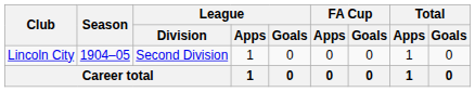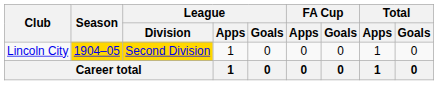 <table class="wikitable" style="text-align: center;">
 <tr>
 <th rowspan="2">Club</th>
 <th rowspan="2">Season</th>
 <th colspan="3">League</th>
 <th colspan="2">FA Cup</th>
 <th colspan="2">Total</th>
 </tr>
 <tr>
 <th>Division</th>
 <th>Apps</th>
 <th>Goals</th>
 <th>Apps</th>
 <th>Goals</th>
 <th>Apps</th>
 <th>Goals</th>
 </tr>
 <tr>
 <td><a href='#'>Lincoln City</a></td>
-<td><a href='#'>1904–05</a></td>
-<td><a href='#'>Second Division</a></td>
+<td style="background: gold;"><a href='#'>1904–05</a></td>
+<td style="background: gold;"><a href='#'>Second Division</a></td>
 <td>1</td>
 <td>0</td>
 <td>0</td>
 <td>0</td>
 <td>1</td>
 <td>0</td>
 </tr>
 <tr>
 <th colspan="3">Career total</th>
 <th>1</th>
 <th>0</th>
 <th>0</th>
 <th>0</th>
 <th>1</th>
 <th>0</th>
 </tr>
 </table>
